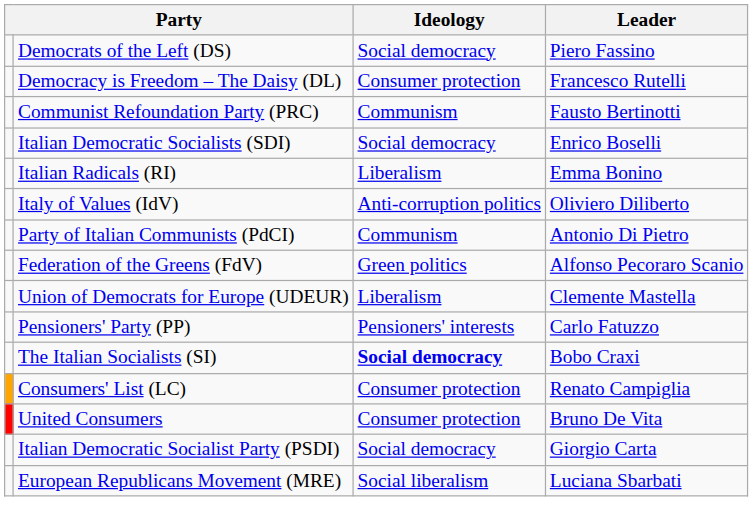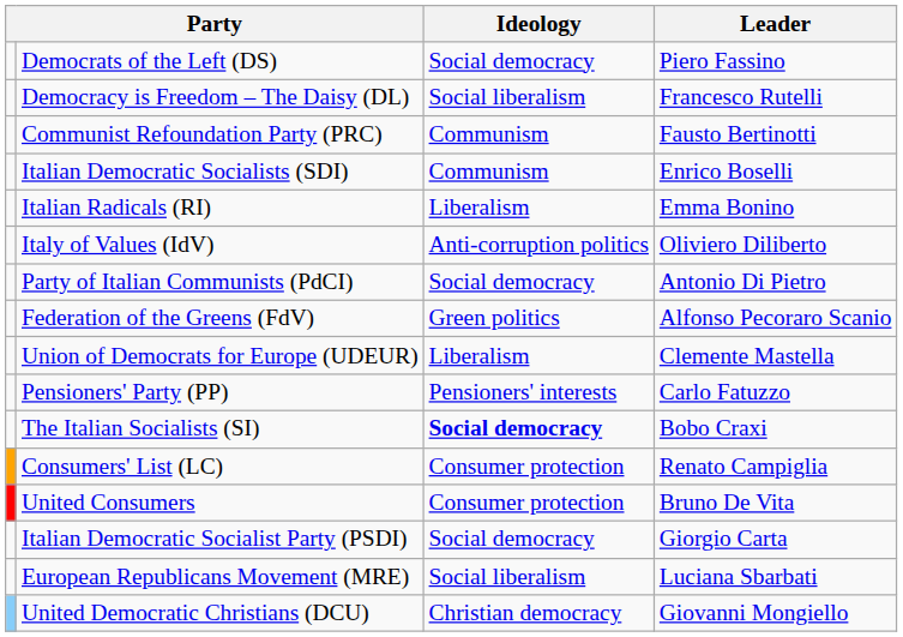 <table class=wikitable style=text-align:left>
 <tr>
 <th colspan=2>Party</th>
 <th>Ideology</th>
 <th>Leader</th>
 </tr>
 <tr>
 <td></td>
 <td><a href='#'>Democrats of the Left</a> (DS)</td>
 <td><a href='#'>Social democracy</a></td>
 <td><a href='#'>Piero Fassino</a></td>
 </tr>
 <tr>
 <td></td>
 <td><a href='#'>Democracy is Freedom – The Daisy</a> (DL)</td>
-<td><a href='#'>Consumer protection</a></td>
+<td><a href='#'>Social liberalism</a></td>
 <td><a href='#'>Francesco Rutelli</a></td>
 </tr>
 <tr>
 <td></td>
 <td><a href='#'>Communist Refoundation Party</a> (PRC)</td>
 <td><a href='#'>Communism</a></td>
 <td><a href='#'>Fausto Bertinotti</a></td>
 </tr>
 <tr>
 <td></td>
 <td><a href='#'>Italian Democratic Socialists</a> (SDI)</td>
-<td><a href='#'>Social democracy</a></td>
+<td><a href='#'>Communism</a></td>
 <td><a href='#'>Enrico Boselli</a></td>
 </tr>
 <tr>
 <td></td>
 <td><a href='#'>Italian Radicals</a> (RI)</td>
 <td><a href='#'>Liberalism</a></td>
 <td><a href='#'>Emma Bonino</a></td>
 </tr>
 <tr>
 <td></td>
 <td><a href='#'>Italy of Values</a> (IdV)</td>
 <td><a href='#'>Anti-corruption politics</a></td>
 <td><a href='#'>Oliviero Diliberto</a></td>
 </tr>
 <tr>
 <td></td>
 <td><a href='#'>Party of Italian Communists</a> (PdCI)</td>
-<td><a href='#'>Communism</a></td>
+<td><a href='#'>Social democracy</a></td>
 <td><a href='#'>Antonio Di Pietro</a></td>
 </tr>
 <tr>
 <td></td>
 <td><a href='#'>Federation of the Greens</a> (FdV)</td>
 <td><a href='#'>Green politics</a></td>
 <td><a href='#'>Alfonso Pecoraro Scanio</a></td>
 </tr>
 <tr>
 <td></td>
 <td><a href='#'>Union of Democrats for Europe</a> (UDEUR)</td>
 <td><a href='#'>Liberalism</a></td>
 <td><a href='#'>Clemente Mastella</a></td>
 </tr>
 <tr>
 <td></td>
 <td><a href='#'>Pensioners' Party</a> (PP)</td>
 <td><a href='#'>Pensioners' interests</a></td>
 <td><a href='#'>Carlo Fatuzzo</a></td>
 </tr>
 <tr>
 <td></td>
 <td><a href='#'>The Italian Socialists</a> (SI)</td>
 <td><strong><a href='#'>Social democracy</a></strong></td>
 <td><a href='#'>Bobo Craxi</a></td>
 </tr>
 <tr>
 <td bgcolor="orange"></td>
 <td><a href='#'>Consumers' List</a> (LC)</td>
 <td><a href='#'>Consumer protection</a></td>
 <td><a href='#'>Renato Campiglia</a></td>
 </tr>
 <tr>
 <td bgcolor="red"></td>
 <td><a href='#'>United Consumers</a></td>
 <td><a href='#'>Consumer protection</a></td>
 <td><a href='#'>Bruno De Vita</a></td>
 </tr>
 <tr>
 <td></td>
 <td><a href='#'>Italian Democratic Socialist Party</a> (PSDI)</td>
 <td><a href='#'>Social democracy</a></td>
 <td><a href='#'>Giorgio Carta</a></td>
 </tr>
 <tr>
 <td></td>
 <td><a href='#'>European Republicans Movement</a> (MRE)</td>
 <td><a href='#'>Social liberalism</a></td>
 <td><a href='#'>Luciana Sbarbati</a></td>
 </tr>
+<tr>
+<td bgcolor="lightskyblue"></td>
+<td><a href='#'>United Democratic Christians</a> (DCU)</td>
+<td><a href='#'>Christian democracy</a></td>
+<td><a href='#'>Giovanni Mongiello</a></td>
+</tr>
 </table>
